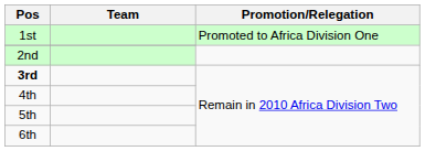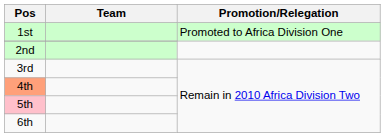 <table class="wikitable">
 <tr>
 <th width=50>Pos</th>
 <th width=175>Team</th>
 <th width=275>Promotion/Relegation</th>
 </tr>
 <tr style="background:#ccffcc">
 <td align="center">1st</td>
 <td></td>
 <td rowspan=2>Promoted to Africa Division One</td>
 </tr>
 <tr>
 </tr>
 <tr style="background:#ccffcc">
 <td align="center">2nd</td>
 <td></td>
 </tr>
 <tr>
-<td align="center"><strong>3rd</strong></td>
+<td align="center">3rd</td>
 <td></td>
 <td rowspan=4>Remain in <a href='#'>2010 Africa Division Two</a></td>
 </tr>
 <tr>
-<td align="center">4th</td>
+<td align="center" style="background: lightsalmon;">4th</td>
 <td></td>
 </tr>
 <tr>
-<td align="center">5th</td>
+<td align="center" style="background: pink;">5th</td>
 <td></td>
 </tr>
 <tr>
 <td align="center">6th</td>
 <td></td>
 </tr>
 </table>
